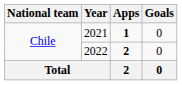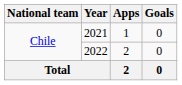 <table class=wikitable style=text-align:center>
 <tr>
 <th>National team</th>
 <th>Year</th>
 <th>Apps</th>
 <th>Goals</th>
 </tr>
 <tr>
 <td rowspan="2"><a href='#'>Chile</a></td>
 <td>2021</td>
-<td><strong>1</strong></td>
+<td>1</td>
 <td>0</td>
 </tr>
 <tr>
 <td>2022</td>
-<td><strong>2</strong></td>
+<td>2</td>
 <td>0</td>
 </tr>
 <tr>
 <th colspan="2">Total</th>
 <th>2</th>
 <th>0</th>
 </tr>
 </table>
